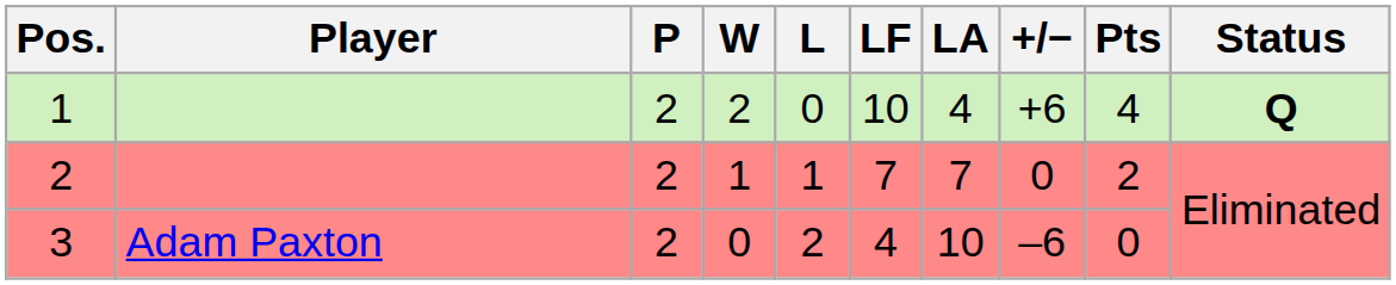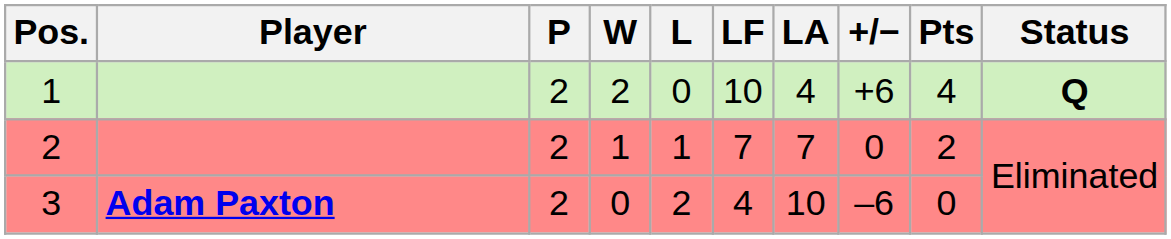 <table class="wikitable" style="text-align:center; margin: 1em auto 1em auto, align:left">
 <tr>
 <th width=20>Pos.</th>
 <th width=185>Player</th>
 <th width=20>P</th>
 <th width=20>W</th>
 <th width=20>L</th>
 <th width=20>LF</th>
 <th width=20>LA</th>
 <th width=25>+/−</th>
 <th width=20>Pts</th>
 <th width=70>Status</th>
 </tr>
 <tr style="background:#D0F0C0;">
 <td>1</td>
 <td align=left></td>
 <td>2</td>
 <td>2</td>
 <td>0</td>
 <td>10</td>
 <td>4</td>
 <td>+6</td>
 <td>4</td>
 <td><strong>Q</strong></td>
 </tr>
 <tr style="background:#FF8888;">
 <td>2</td>
 <td align=left></td>
 <td>2</td>
 <td>1</td>
 <td>1</td>
 <td>7</td>
 <td>7</td>
 <td>0</td>
 <td>2</td>
 <td rowspan=2>Eliminated</td>
 </tr>
 <tr style="background:#FF8888;">
 <td>3</td>
-<td align=left> <a href='#'>Adam Paxton</a></td>
+<td align=left><strong> <a href='#'>Adam Paxton</a></strong></td>
 <td>2</td>
 <td>0</td>
 <td>2</td>
 <td>4</td>
 <td>10</td>
 <td>–6</td>
 <td>0</td>
 </tr>
 </table>
